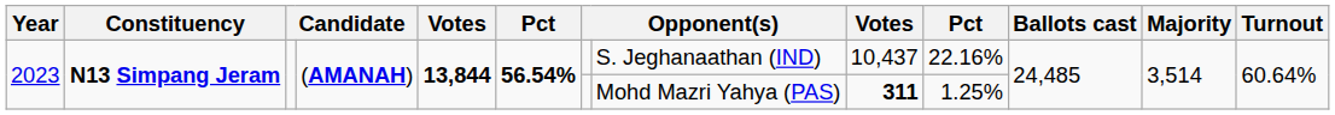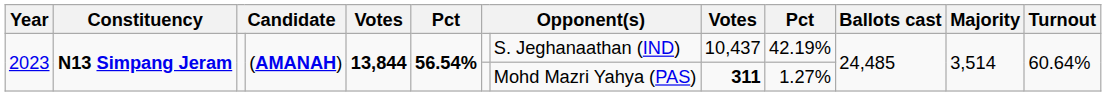 <table class="wikitable" style="margin:0.5em ; font-size:95%">
 <tr>
 <th>Year</th>
 <th>Constituency</th>
 <th colspan=2>Candidate</th>
 <th>Votes</th>
 <th>Pct</th>
 <th colspan=2>Opponent(s)</th>
 <th>Votes</th>
 <th>Pct</th>
 <th>Ballots cast</th>
 <th>Majority</th>
 <th>Turnout</th>
 </tr>
 <tr>
 <td rowspan=2><a href='#'>2023</a></td>
 <td rowspan=2><strong>N13 <a href='#'>Simpang Jeram</a></strong></td>
 <td rowspan=2 ></td>
 <td rowspan=2> (<a href='#'><strong>AMANAH</strong></a>)</td>
 <td rowspan=2 align=right><strong>13,844</strong></td>
 <td rowspan=2 align=right><strong>56.54%</strong></td>
 <td bgcolor=></td>
 <td>S. Jeghanaathan (<a href='#'>IND</a>)</td>
 <td align=right>10,437</td>
-<td align=right>22.16%</td>
+<td align=right>42.19%</td>
 <td rowspan=2>24,485</td>
 <td rowspan=2>3,514</td>
 <td rowspan=2>60.64%</td>
 </tr>
 <tr>
 <td></td>
 <td>Mohd Mazri Yahya (<a href='#'>PAS</a>)</td>
 <td align=right><strong>311</strong></td>
-<td align=right>1.25%</td>
+<td align=right>1.27%</td>
 </tr>
 </table>
